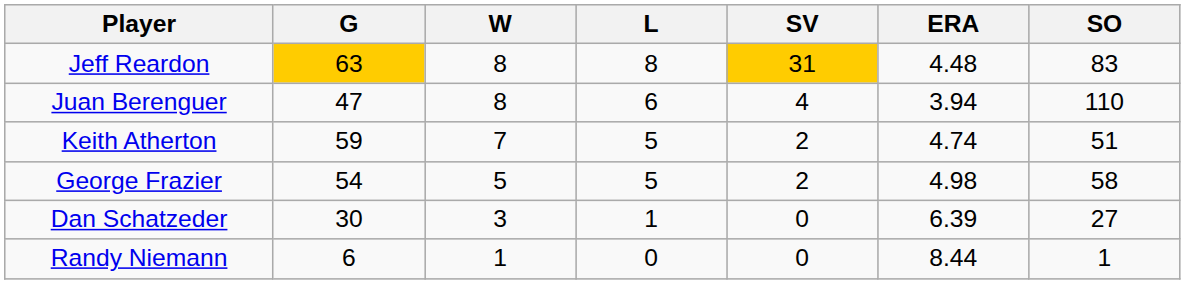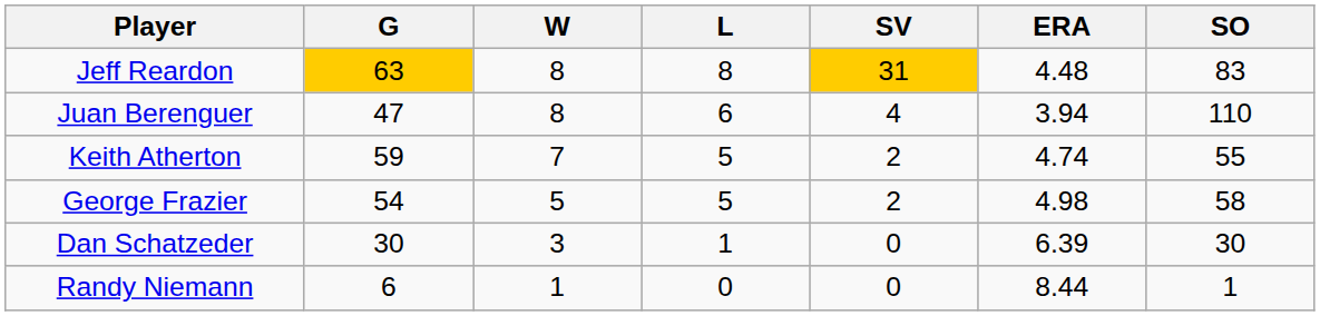 <table class="wikitable sortable">
 <tr>
 <th bgcolor="#DDDDFF" width="16%">Player</th>
 <th bgcolor="#DDDDFF" width="9%">G</th>
 <th bgcolor="#DDDDFF" width="9%">W</th>
 <th bgcolor="#DDDDFF" width="9%">L</th>
 <th bgcolor="#DDDDFF" width="9%">SV</th>
 <th bgcolor="#DDDDFF" width="9%">ERA</th>
 <th bgcolor="#DDDDFF" width="9%">SO</th>
 </tr>
 <tr align="center">
 <td><a href='#'>Jeff Reardon</a></td>
 <td style="background:#fc0;">63</td>
 <td>8</td>
 <td>8</td>
 <td style="background:#fc0;">31</td>
 <td>4.48</td>
 <td>83</td>
 </tr>
 <tr align="center">
 <td><a href='#'>Juan Berenguer</a></td>
 <td>47</td>
 <td>8</td>
 <td>6</td>
 <td>4</td>
 <td>3.94</td>
 <td>110</td>
 </tr>
 <tr align="center">
 <td><a href='#'>Keith Atherton</a></td>
 <td>59</td>
 <td>7</td>
 <td>5</td>
 <td>2</td>
 <td>4.74</td>
-<td>51</td>
+<td>55</td>
 </tr>
 <tr align=center>
 <td><a href='#'>George Frazier</a></td>
 <td>54</td>
 <td>5</td>
 <td>5</td>
 <td>2</td>
 <td>4.98</td>
 <td>58</td>
 </tr>
 <tr align="center">
 <td><a href='#'>Dan Schatzeder</a></td>
 <td>30</td>
 <td>3</td>
 <td>1</td>
 <td>0</td>
 <td>6.39</td>
-<td>27</td>
+<td>30</td>
 </tr>
 <tr align="center">
 <td><a href='#'>Randy Niemann</a></td>
 <td>6</td>
 <td>1</td>
 <td>0</td>
 <td>0</td>
 <td>8.44</td>
 <td>1</td>
 </tr>
 </table>
